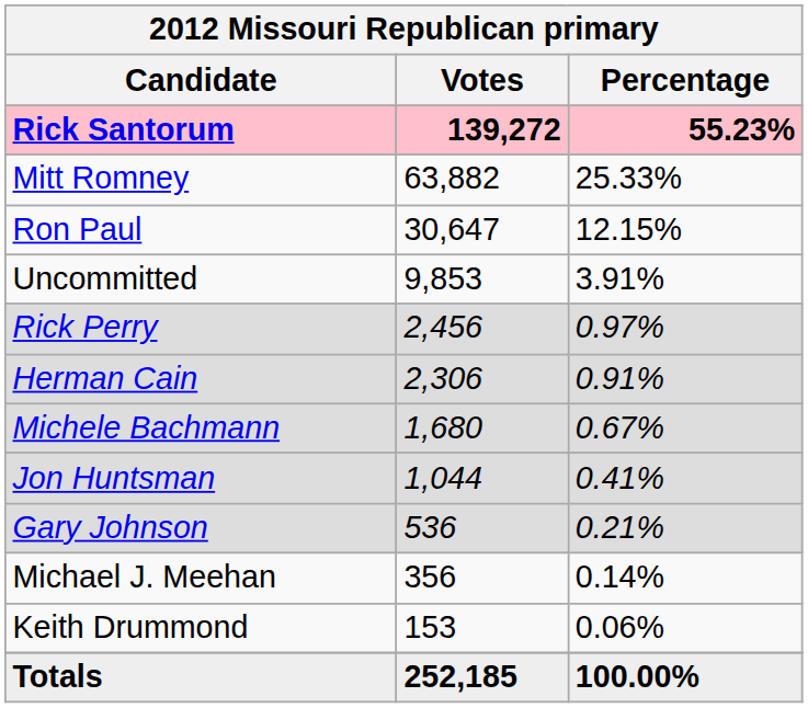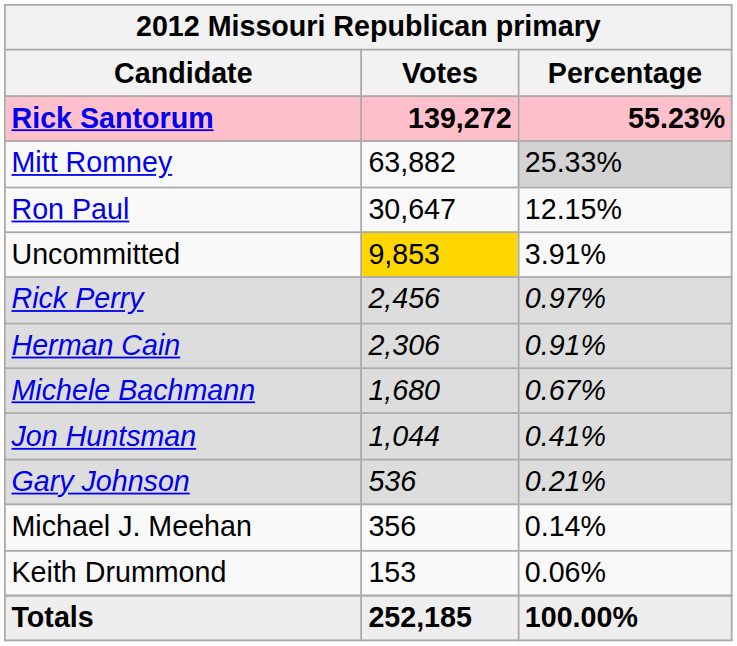 <table class="wikitable">
 <tr>
 <th colspan="3">2012 Missouri Republican primary</th>
 </tr>
 <tr>
 <th style="width: 12em;">Candidate</th>
 <th style="width: 5em;">Votes</th>
 <th style="width: 7em;">Percentage</th>
 </tr>
 <tr style="text-align:right; background:pink;">
 <td style="text-align:left;"><strong><a href='#'>Rick Santorum</a></strong></td>
 <td><strong>139,272</strong></td>
 <td><strong>55.23%</strong></td>
 </tr>
 <tr>
 <td style="text-align:left;"><a href='#'>Mitt Romney</a></td>
 <td>63,882</td>
-<td>25.33%</td>
+<td style="background: lightgrey;">25.33%</td>
 </tr>
 <tr>
 <td style="text-align:left;"><a href='#'>Ron Paul</a></td>
 <td>30,647</td>
 <td>12.15%</td>
 </tr>
 <tr>
 <td style="text-align:left;">Uncommitted</td>
-<td>9,853</td>
+<td style="background: gold;">9,853</td>
 <td>3.91%</td>
 </tr>
 <tr style="background:#ddd;">
 <td style="text-align:left;"><em><a href='#'>Rick Perry</a></em></td>
 <td><em>2,456</em></td>
 <td><em>0.97%</em></td>
 </tr>
 <tr style="background:#ddd;">
 <td style="text-align:left;"><em><a href='#'>Herman Cain</a></em></td>
 <td><em>2,306</em></td>
 <td><em>0.91%</em></td>
 </tr>
 <tr style="background:#ddd;">
 <td style="text-align:left;"><em><a href='#'>Michele Bachmann</a></em></td>
 <td><em>1,680</em></td>
 <td><em>0.67%</em></td>
 </tr>
 <tr style="background:#ddd;">
 <td style="text-align:left;"><a href='#'><em>Jon Huntsman</em></a></td>
 <td><em>1,044</em></td>
 <td><em>0.41%</em></td>
 </tr>
 <tr style="background:#ddd;">
 <td style="text-align:left;"><em><a href='#'>Gary Johnson</a></em></td>
 <td><em>536</em></td>
 <td><em>0.21%</em></td>
 </tr>
 <tr>
 <td style="text-align:left;">Michael J. Meehan</td>
 <td>356</td>
 <td>0.14%</td>
 </tr>
 <tr>
 <td style="text-align:left;">Keith Drummond</td>
 <td>153</td>
 <td>0.06%</td>
 </tr>
 <tr>
 </tr>
 <tr style="background:#eee;">
 <td><strong>Totals</strong></td>
 <td><strong>252,185</strong></td>
 <td><strong>100.00%</strong></td>
 </tr>
 </table>
